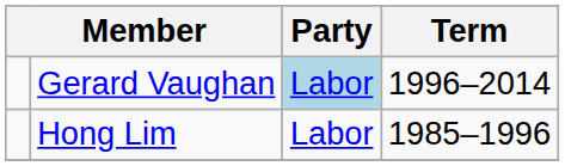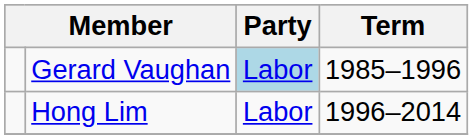 <table class="wikitable">
 <tr>
 <th colspan="2">Member</th>
 <th>Party</th>
 <th>Term</th>
 </tr>
 <tr>
 <td> </td>
 <td><a href='#'>Gerard Vaughan</a></td>
 <td style="background: lightblue;"><a href='#'>Labor</a></td>
-<td>1996–2014</td>
+<td>1985–1996</td>
 </tr>
 <tr>
 <td> </td>
 <td><a href='#'>Hong Lim</a></td>
 <td><a href='#'>Labor</a></td>
-<td>1985–1996</td>
+<td>1996–2014</td>
 </tr>
 <tr>
 </tr>
 </table>
